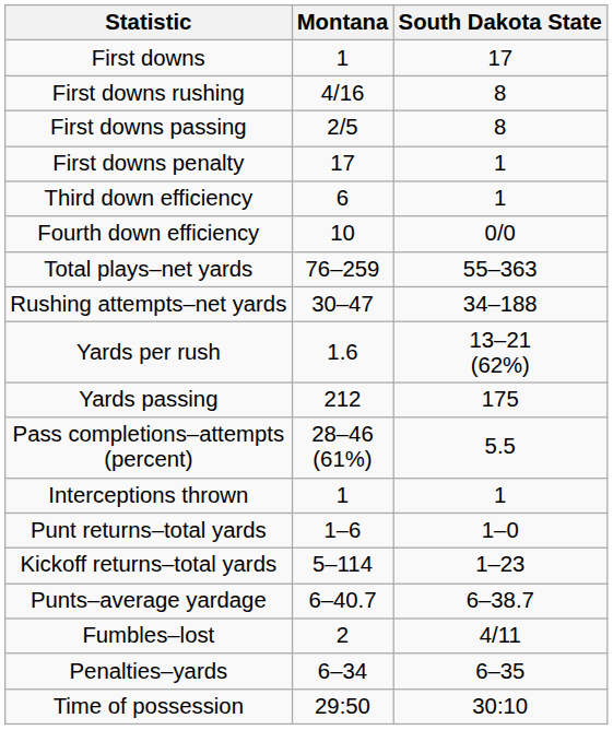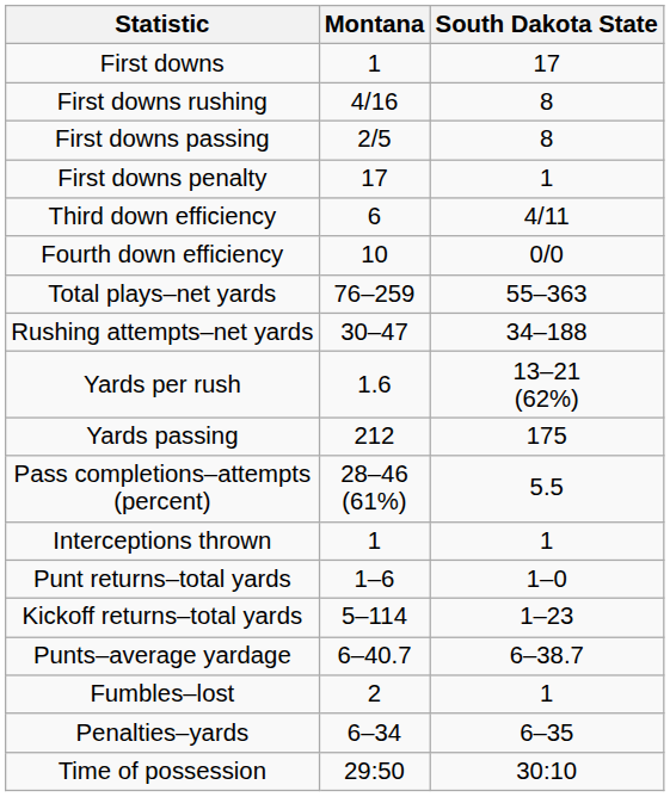 <table class="wikitable" style="text-align:center;">
 <tr>
 <th>Statistic</th>
 <th><strong>Montana</strong></th>
 <th><strong>South Dakota State</strong></th>
 </tr>
 <tr>
 <td>First downs</td>
 <td>1</td>
 <td>17</td>
 </tr>
 <tr>
 <td>First downs rushing</td>
 <td>4/16</td>
 <td>8</td>
 </tr>
 <tr>
 <td>First downs passing</td>
 <td>2/5</td>
 <td>8</td>
 </tr>
 <tr>
 <td>First downs penalty</td>
 <td>17</td>
 <td>1</td>
 </tr>
 <tr>
 <td>Third down efficiency</td>
 <td>6</td>
-<td>1</td>
+<td>4/11</td>
 </tr>
 <tr>
 <td>Fourth down efficiency</td>
 <td>10</td>
 <td>0/0</td>
 </tr>
 <tr>
 <td>Total plays–net yards</td>
 <td>76–259</td>
 <td>55–363</td>
 </tr>
 <tr>
 <td>Rushing attempts–net yards</td>
 <td>30–47</td>
 <td>34–188</td>
 </tr>
 <tr>
 <td>Yards per rush</td>
 <td>1.6</td>
 <td>13–21<br>(62%)</td>
 </tr>
 <tr>
 <td>Yards passing</td>
 <td>212</td>
 <td>175</td>
 </tr>
 <tr>
 <td>Pass completions–attempts<br>(percent)</td>
 <td>28–46<br>(61%)</td>
 <td>5.5</td>
 </tr>
 <tr>
 <td>Interceptions thrown</td>
 <td>1</td>
 <td>1</td>
 </tr>
 <tr>
 <td>Punt returns–total yards</td>
 <td>1–6</td>
 <td>1–0</td>
 </tr>
 <tr>
 <td>Kickoff returns–total yards</td>
 <td>5–114</td>
 <td>1–23</td>
 </tr>
 <tr>
 <td>Punts–average yardage</td>
 <td>6–40.7</td>
 <td>6–38.7</td>
 </tr>
 <tr>
 <td>Fumbles–lost</td>
 <td>2</td>
-<td>4/11</td>
+<td>1</td>
 </tr>
 <tr>
 <td>Penalties–yards</td>
 <td>6–34</td>
 <td>6–35</td>
 </tr>
 <tr>
 <td>Time of possession</td>
 <td>29:50</td>
 <td>30:10</td>
 </tr>
 </table>
